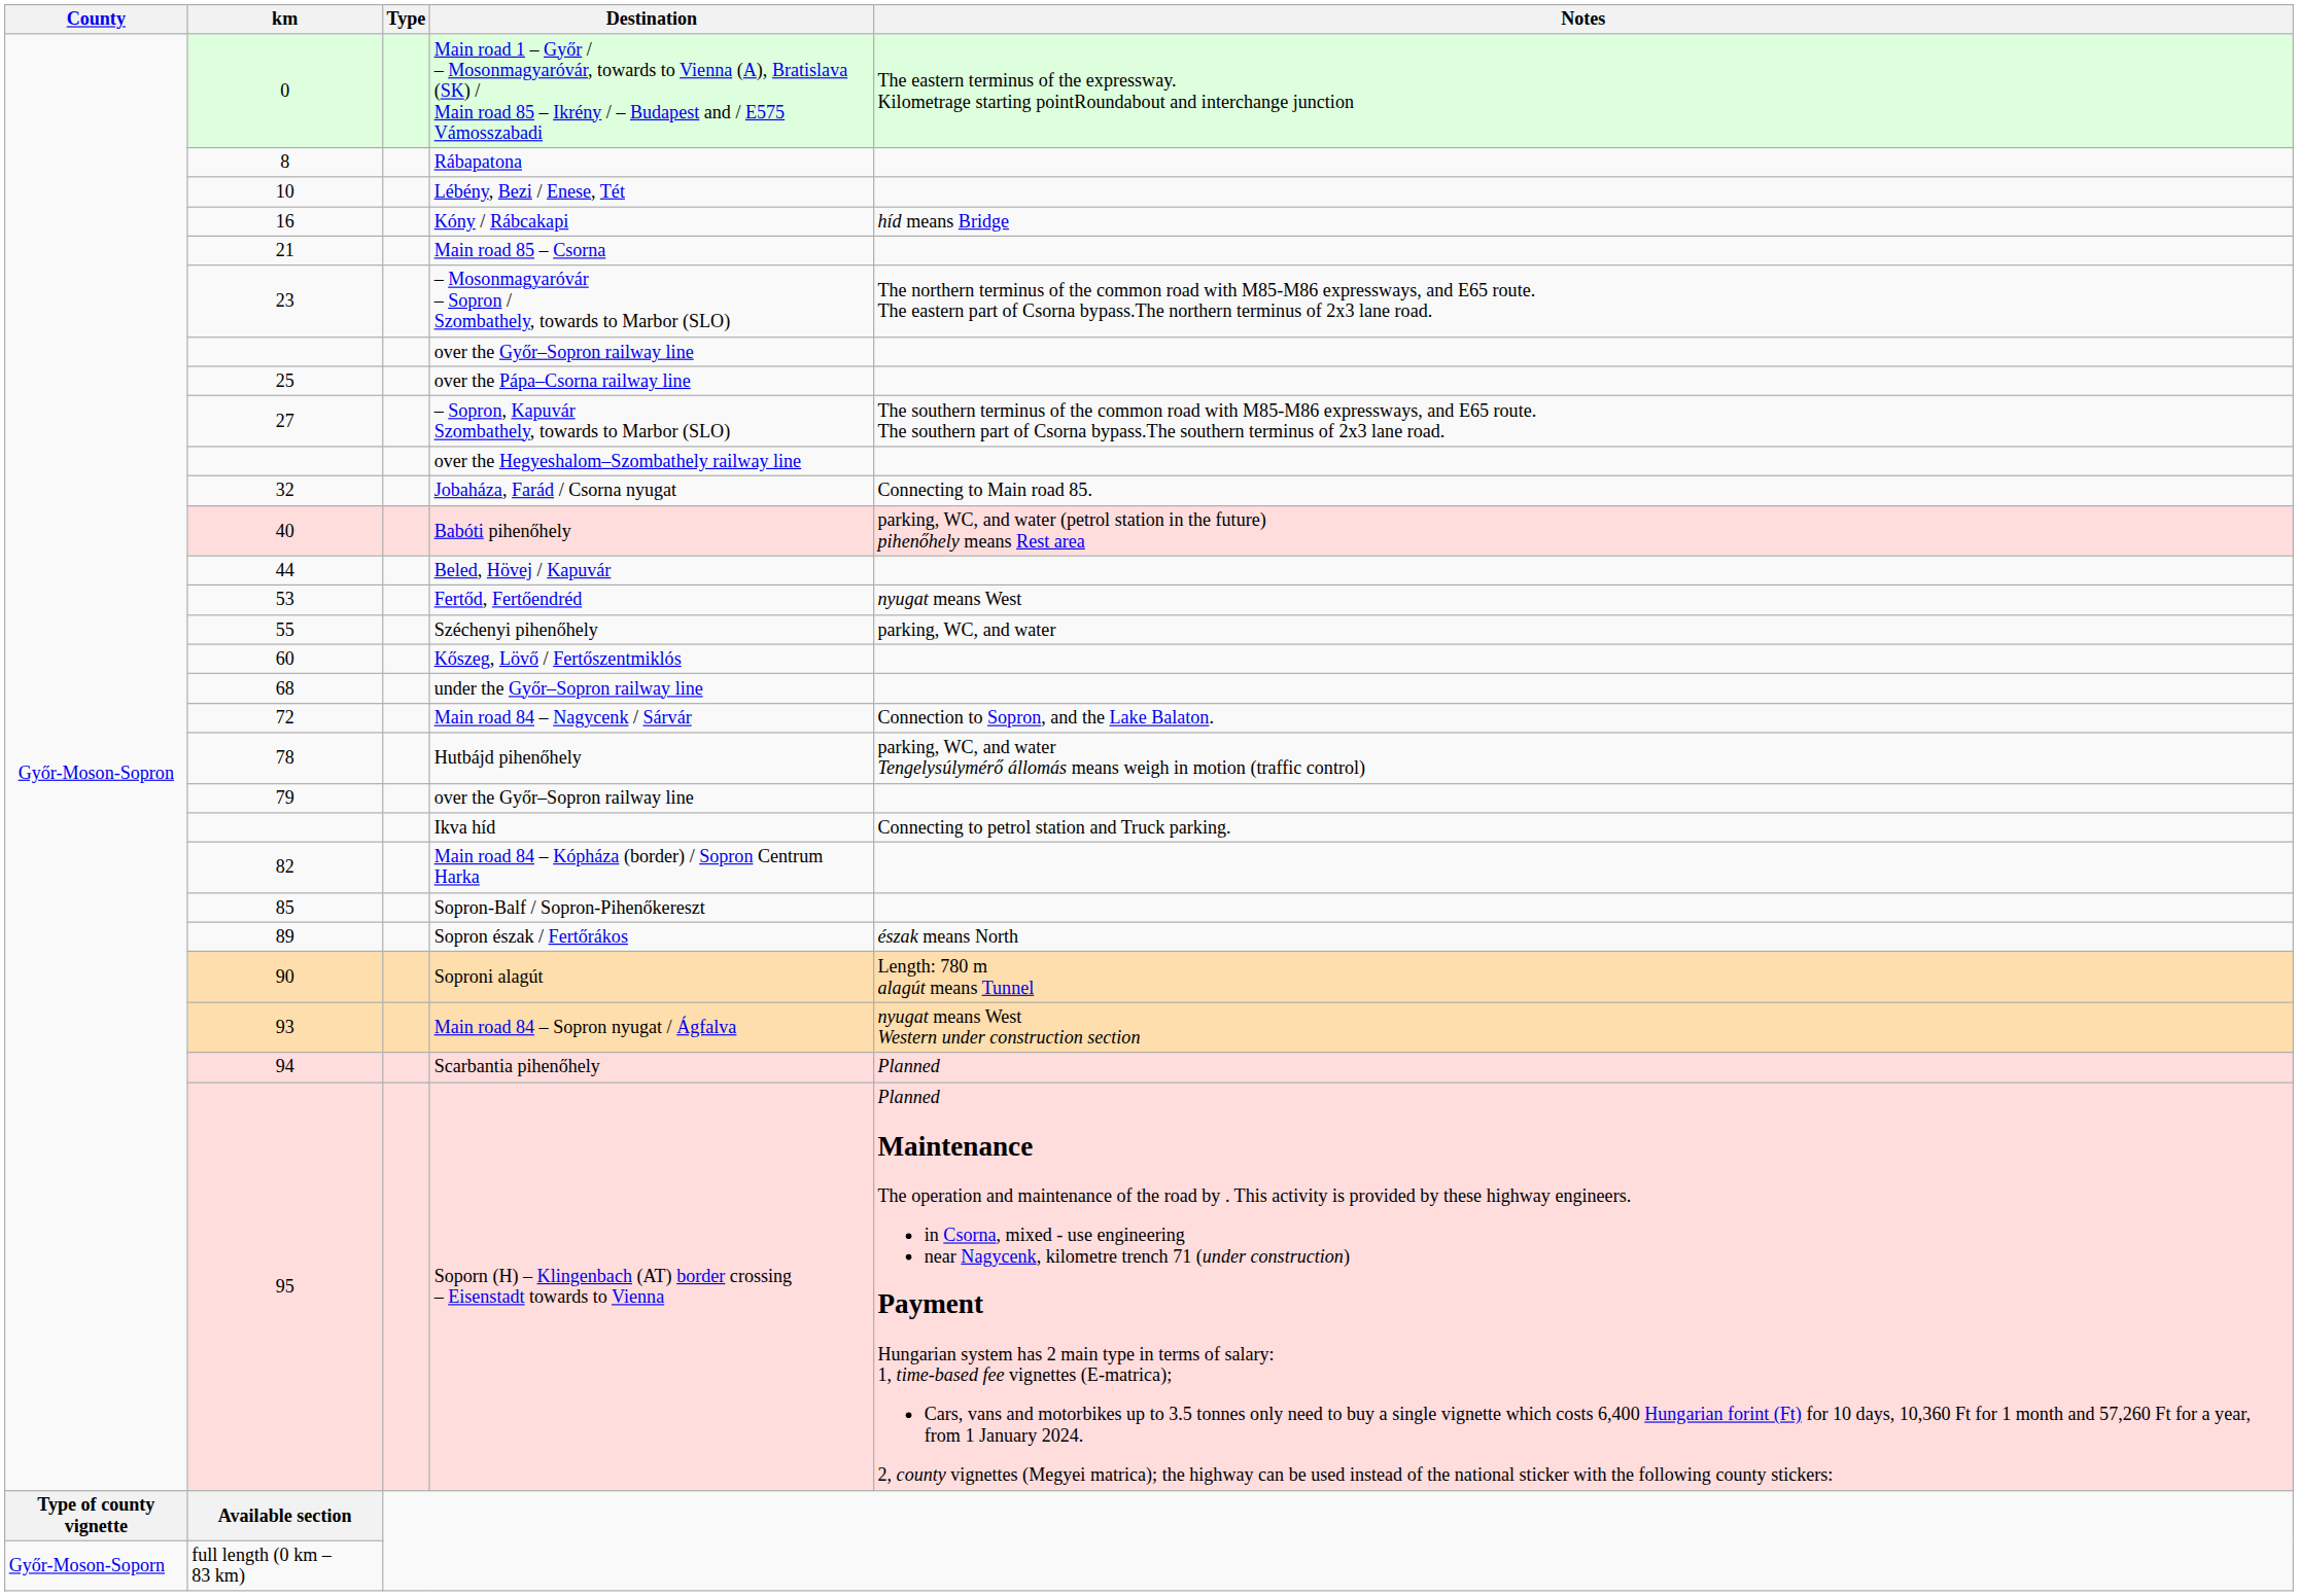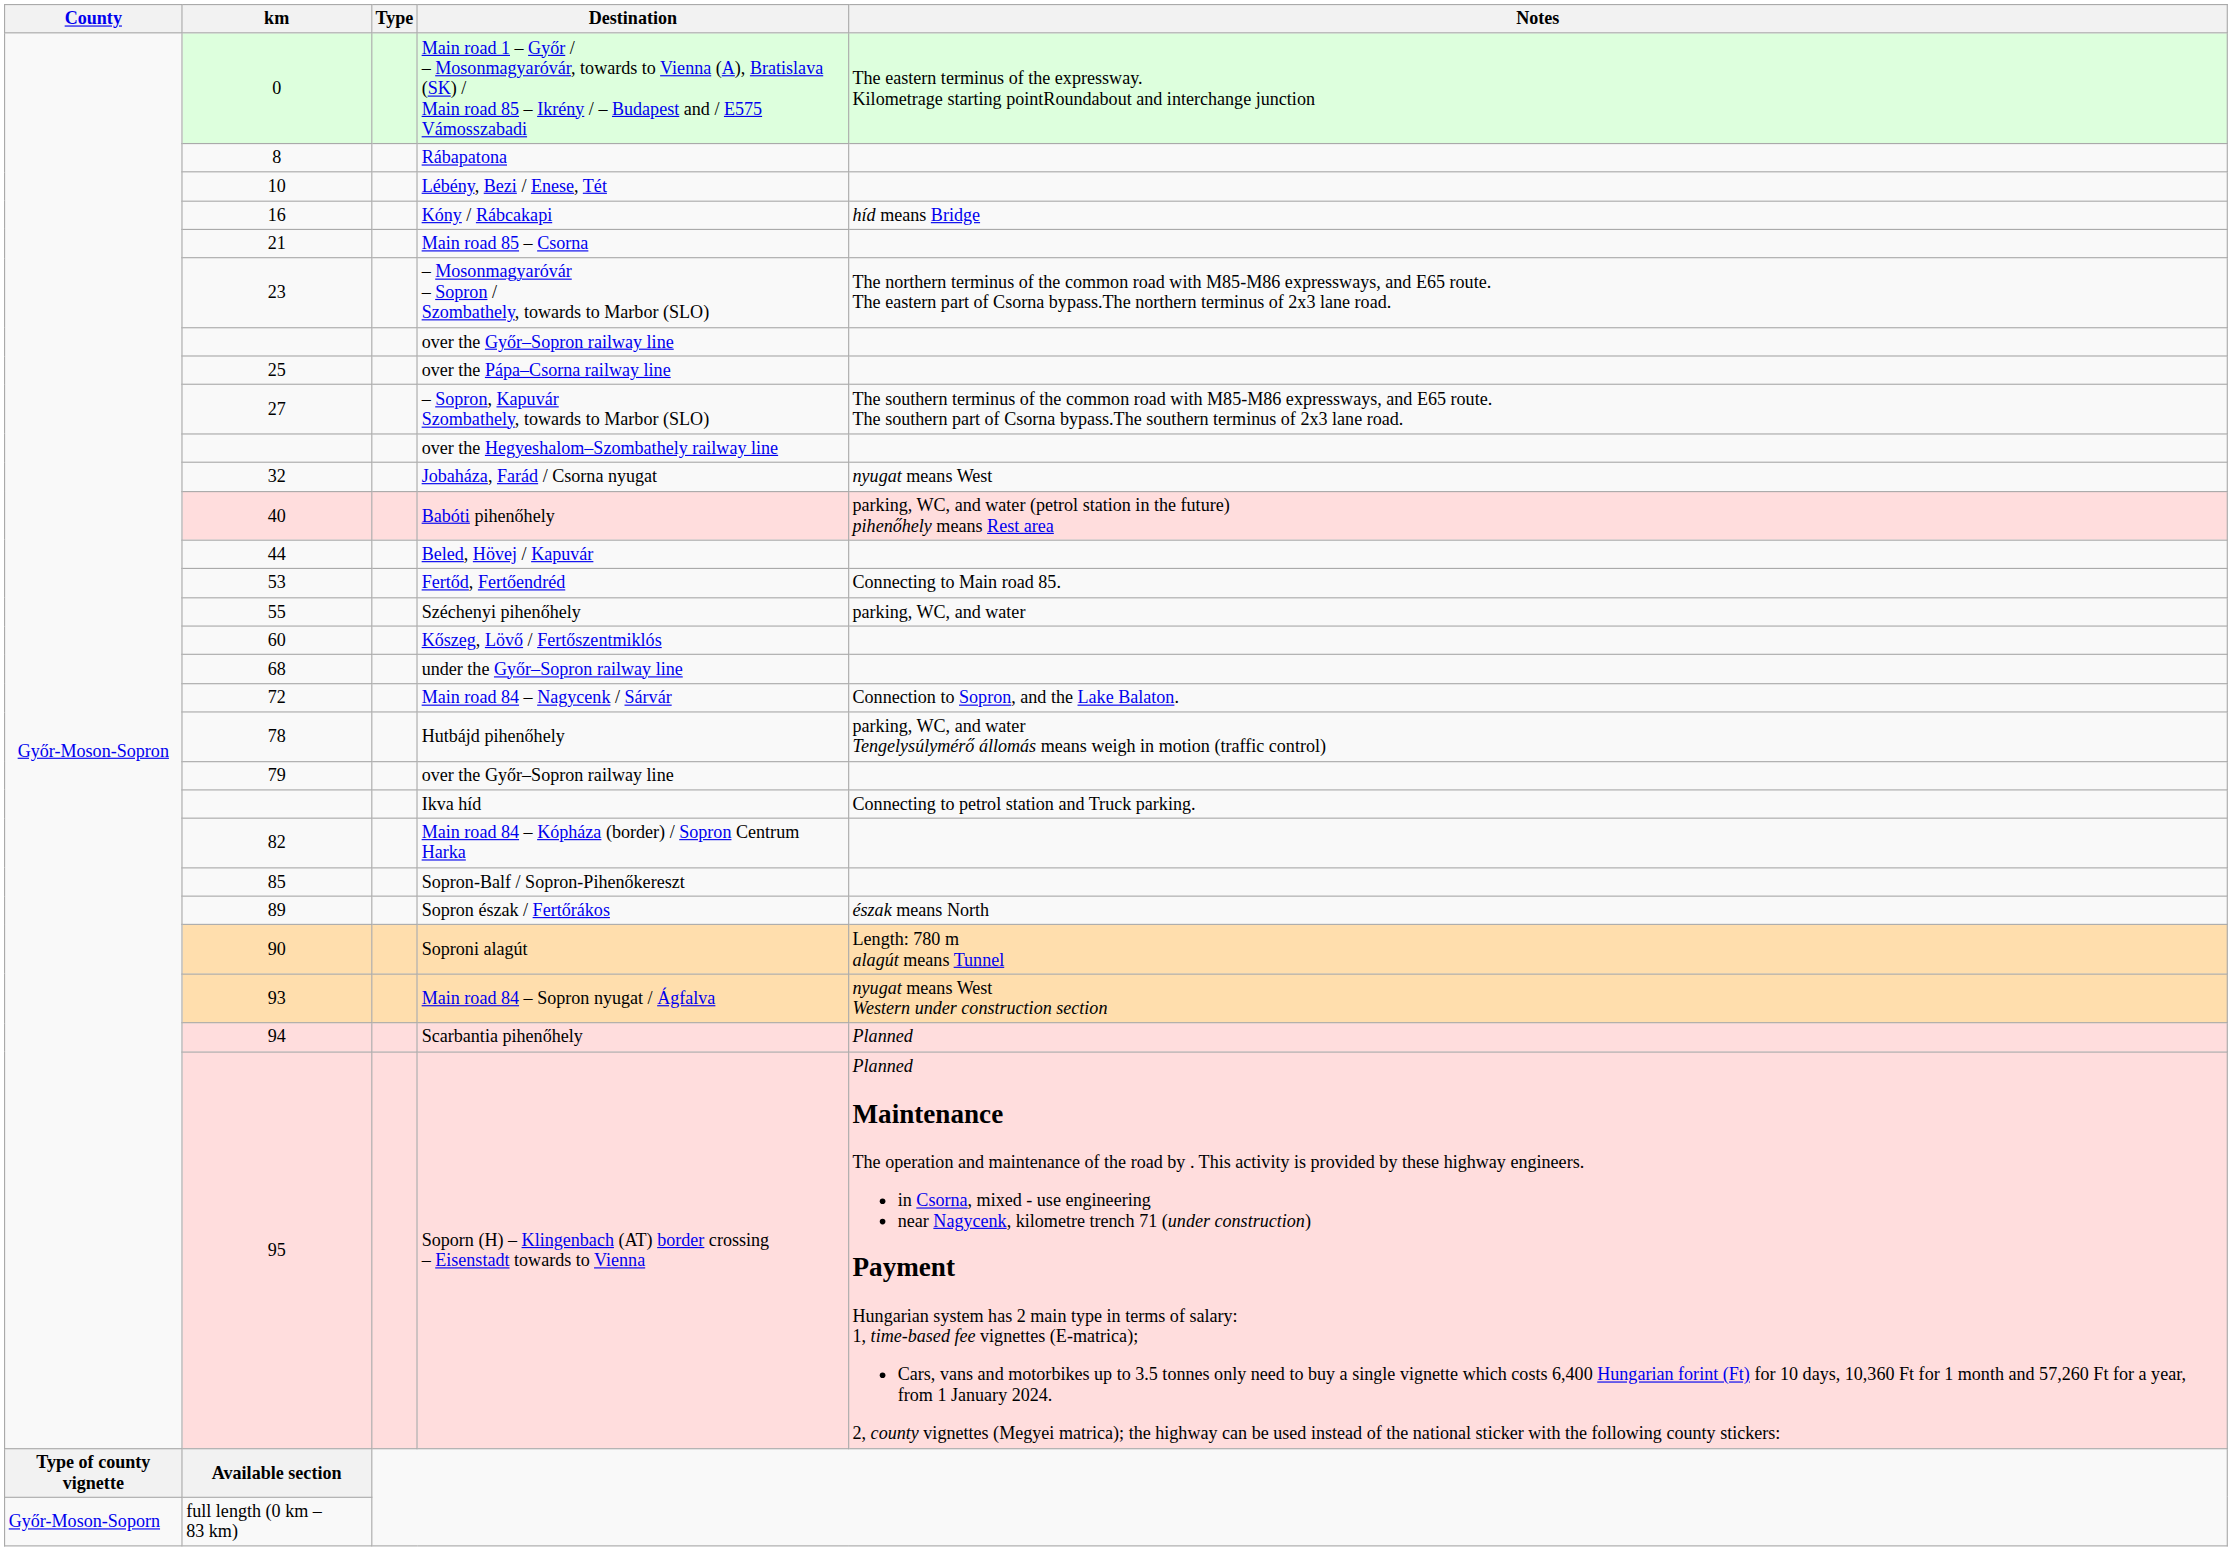 <table class="wikitable">
 <tr>
 <th scope="col"><a href='#'>County</a></th>
 <th scope="col">km</th>
 <th scope="col">Type</th>
 <th scope="col">Destination</th>
 <th scope="col">Notes</th>
 </tr>
 <tr>
 <td rowspan=28; align=center><br><a href='#'>Győr-Moson-Sopron</a></td>
 <td style="background:#dfd;" align=center>0</td>
 <td style="background:#dfd;" align=center></td>
 <td style="background:#dfd;"> <a href='#'>Main road 1</a> – <a href='#'>Győr</a> /<br>   – <a href='#'>Mosonmagyaróvár</a>, towards to <a href='#'>Vienna</a> (<a href='#'>A</a>), <a href='#'>Bratislava</a> (<a href='#'>SK</a>) /<br> <a href='#'>Main road 85</a> – <a href='#'>Ikrény</a> /   – <a href='#'>Budapest</a> and  / <a href='#'>E575</a> <a href='#'>Vámosszabadi</a></td>
 <td style="background:#dfd;">The eastern terminus of the  expressway.<br>Kilometrage starting pointRoundabout and interchange junction</td>
 </tr>
 <tr>
 <td align=center>8</td>
 <td align=center></td>
 <td><a href='#'>Rábapatona</a></td>
 <td></td>
 </tr>
 <tr>
 <td align=center>10</td>
 <td align=center></td>
 <td><a href='#'>Lébény</a>, <a href='#'>Bezi</a> / <a href='#'>Enese</a>, <a href='#'>Tét</a></td>
 <td></td>
 </tr>
 <tr>
 <td align=center>16</td>
 <td align=center></td>
 <td><a href='#'>Kóny</a> / <a href='#'>Rábcakapi</a></td>
 <td><em>híd</em> means <a href='#'>Bridge</a></td>
 </tr>
 <tr>
 <td align=center>21</td>
 <td align=center></td>
 <td> <a href='#'>Main road 85</a> – <a href='#'>Csorna</a></td>
 <td></td>
 </tr>
 <tr>
 <td align=center>23</td>
 <td align=center></td>
 <td> – <a href='#'>Mosonmagyaróvár</a><br> – <a href='#'>Sopron</a> /<br> <a href='#'>Szombathely</a>, towards to Marbor (SLO)</td>
 <td>The northern terminus of the common road with M85-M86 expressways, and E65 route.<br>The eastern part of Csorna bypass.The northern terminus of 2x3 lane road.</td>
 </tr>
 <tr>
 <td align=center></td>
 <td align=center></td>
 <td>over the <a href='#'>Győr–Sopron railway line</a></td>
 <td></td>
 </tr>
 <tr>
 <td align=center>25</td>
 <td align=center></td>
 <td>over the <a href='#'>Pápa–Csorna railway line</a></td>
 <td></td>
 </tr>
 <tr>
 <td align=center>27</td>
 <td align=center></td>
 <td> – <a href='#'>Sopron</a>, <a href='#'>Kapuvár</a><br> <a href='#'>Szombathely</a>, towards to Marbor (SLO)</td>
 <td>The southern terminus of the common road with M85-M86 expressways, and E65 route.<br>The southern part of Csorna bypass.The southern terminus of 2x3 lane road.</td>
 </tr>
 <tr>
 <td align=center></td>
 <td align=center></td>
 <td>over the <a href='#'>Hegyeshalom–Szombathely railway line</a></td>
 <td></td>
 </tr>
 <tr>
 <td align=center>32</td>
 <td align=center></td>
 <td><a href='#'>Jobaháza</a>, <a href='#'>Farád</a> / Csorna nyugat</td>
-<td>Connecting to Main road 85.</td>
+<td><em>nyugat</em> means West</td>
 </tr>
 <tr>
 <td style="background:#fdd;" align=center>40</td>
 <td style="background:#fdd;" align=center></td>
 <td style="background:#fdd;"><a href='#'>Babóti</a> pihenőhely</td>
 <td style="background:#fdd;">parking, WC, and water (petrol station in the future)<br><em>pihenőhely</em> means <a href='#'>Rest area</a></td>
 </tr>
 <tr>
 <td align=center>44</td>
 <td align=center></td>
 <td><a href='#'>Beled</a>, <a href='#'>Hövej</a> / <a href='#'>Kapuvár</a></td>
 <td></td>
 </tr>
 <tr>
 <td align=center>53</td>
 <td align=center></td>
 <td><a href='#'>Fertőd</a>, <a href='#'>Fertőendréd</a></td>
-<td><em>nyugat</em> means West</td>
+<td>Connecting to Main road 85.</td>
 </tr>
 <tr>
 <td align=center>55</td>
 <td align=center></td>
 <td>Széchenyi pihenőhely</td>
 <td>parking, WC, and water</td>
 </tr>
 <tr>
 <td align=center>60</td>
 <td align=center></td>
 <td><a href='#'>Kőszeg</a>, <a href='#'>Lövő</a> / <a href='#'>Fertőszentmiklós</a></td>
 <td></td>
 </tr>
 <tr>
 <td align=center>68</td>
 <td align=center></td>
 <td>under the <a href='#'>Győr–Sopron railway line</a></td>
 <td></td>
 </tr>
 <tr>
 <td align=center>72</td>
 <td align=center></td>
 <td> <a href='#'>Main road 84</a> – <a href='#'>Nagycenk</a> / <a href='#'>Sárvár</a></td>
 <td>Connection to <a href='#'>Sopron</a>, and the <a href='#'>Lake Balaton</a>.</td>
 </tr>
 <tr>
 <td align=center>78</td>
 <td align=center></td>
 <td>Hutbájd pihenőhely</td>
 <td>parking, WC, and water<br><em>Tengelysúlymérő állomás</em> means weigh in motion (traffic control)</td>
 </tr>
 <tr>
 <td align=center>79</td>
 <td align=center></td>
 <td>over the Győr–Sopron railway line</td>
 <td></td>
 </tr>
 <tr>
 <td align=center></td>
 <td align=center></td>
 <td>Ikva híd</td>
 <td>Connecting to petrol station and Truck parking.</td>
 </tr>
 <tr>
 <td align=center>82</td>
 <td align=center></td>
 <td> <a href='#'>Main road 84</a> – <a href='#'>Kópháza</a> (border) / <a href='#'>Sopron</a> Centrum<br><a href='#'>Harka</a></td>
 <td></td>
 </tr>
 <tr>
 <td align=center>85</td>
 <td align=center></td>
 <td>Sopron-Balf / Sopron-Pihenőkereszt</td>
 <td></td>
 </tr>
 <tr>
 <td align=center>89</td>
 <td align=center></td>
 <td>Sopron észak / <a href='#'>Fertőrákos</a></td>
 <td><em>észak</em> means North</td>
 </tr>
 <tr>
 <td style="background:#ffdead;" align=center>90</td>
 <td style="background:#ffdead;" align=center></td>
 <td style="background:#ffdead;">Soproni alagút</td>
 <td style="background:#ffdead;">Length: 780 m<br><em>alagút</em> means <a href='#'>Tunnel</a></td>
 </tr>
 <tr>
 <td style="background:#ffdead;" align=center>93</td>
 <td style="background:#ffdead;" align=center></td>
 <td style="background:#ffdead;"> <a href='#'>Main road 84</a> – Sopron nyugat / <a href='#'>Ágfalva</a></td>
 <td style="background:#ffdead;"><em>nyugat</em> means West<br><em>Western under construction section</em></td>
 </tr>
 <tr>
 <td style="background:#fdd;" align=center>94</td>
 <td style="background:#fdd;" align=center></td>
 <td style="background:#fdd;">Scarbantia pihenőhely</td>
 <td style="background:#fdd;"><em>Planned</em></td>
 </tr>
 <tr>
 <td style="background:#fdd;" align=center>95</td>
 <td style="background:#fdd;" align=center></td>
 <td style="background:#fdd;">Soporn (H) – <a href='#'>Klingenbach</a> (AT) <a href='#'>border</a> crossing<br> – <a href='#'>Eisenstadt</a> towards to <a href='#'>Vienna</a></td>
 <td style="background:#fdd;"><em>Planned</em><br><h2>Maintenance</h2>The operation and maintenance of the road by . This activity is provided by these highway engineers.<ul><li>in <a href='#'>Csorna</a>, mixed - use engineering</li><li>near <a href='#'>Nagycenk</a>, kilometre trench 71 (<em>under construction</em>)</li></ul><h2>Payment</h2>Hungarian system has 2 main type in terms of salary:<br>1, <em>time-based fee</em> vignettes (E-matrica);<ul><li>Cars, vans and motorbikes up to 3.5 tonnes only need to buy a single vignette which costs 6,400 <a href='#'>Hungarian forint (Ft)</a> for 10 days, 10,360 Ft for 1 month and 57,260 Ft for a year, from 1 January 2024.</li></ul>2, <em>county</em> vignettes (Megyei matrica); the highway can be used instead of the national sticker with the following county stickers:</td>
 </tr>
 <tr>
 <th>Type of county vignette</th>
 <th>Available section</th>
 </tr>
 <tr>
 <td><a href='#'>Győr-Moson-Soporn</a></td>
 <td>full length (0 km – 83 km)</td>
 </tr>
 </table>
